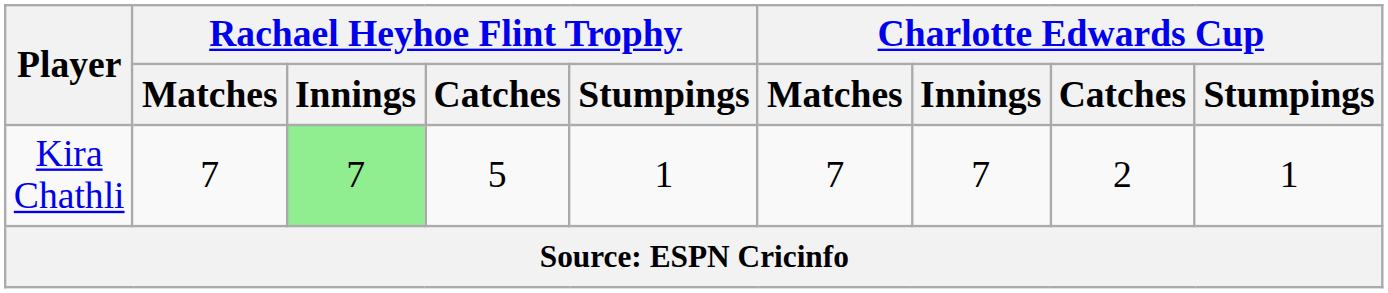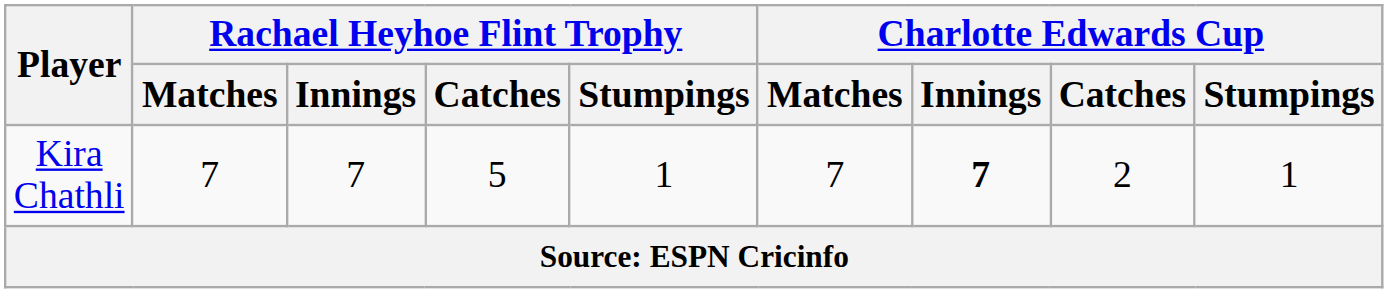 <table class="wikitable" style="text-align:center; width:55%;">
 <tr>
 <th rowspan=2>Player</th>
 <th colspan=4><a href='#'>Rachael Heyhoe Flint Trophy</a></th>
 <th colspan=4><a href='#'>Charlotte Edwards Cup</a></th>
 </tr>
 <tr>
 <th>Matches</th>
 <th>Innings</th>
 <th>Catches</th>
 <th>Stumpings</th>
 <th>Matches</th>
 <th>Innings</th>
 <th>Catches</th>
 <th>Stumpings</th>
 </tr>
 <tr>
 <td><a href='#'>Kira Chathli</a></td>
 <td>7</td>
-<td style="background: lightgreen;">7</td>
+<td>7</td>
 <td>5</td>
 <td>1</td>
 <td>7</td>
-<td>7</td>
+<td><strong>7</strong></td>
 <td>2</td>
 <td>1</td>
 </tr>
 <tr>
 <th colspan="9"><small>Source: ESPN Cricinfo</small></th>
 </tr>
 </table>
